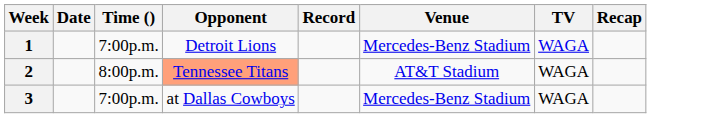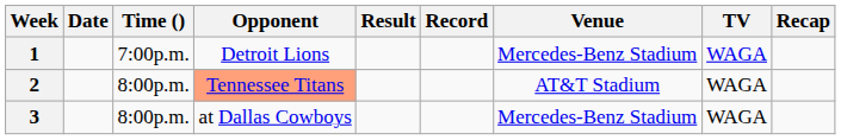 <table class="wikitable" style="text-align:center">
 <tr>
 <th>Week</th>
 <th>Date</th>
 <th>Time (<a href='#'></a>)</th>
 <th>Opponent</th>
+<th>Result</th>
 <th>Record</th>
 <th>Venue</th>
 <th>TV</th>
 <th>Recap</th>
 </tr>
 <tr>
 <th>1</th>
 <td></td>
 <td>7:00p.m.</td>
 <td><a href='#'>Detroit Lions</a></td>
 <td></td>
+<td></td>
 <td><a href='#'>Mercedes-Benz Stadium</a></td>
 <td><a href='#'>WAGA</a></td>
 <td></td>
 </tr>
 <tr>
 <th>2</th>
 <td></td>
 <td>8:00p.m.</td>
 <td style="background: lightsalmon;"><a href='#'>Tennessee Titans</a></td>
 <td></td>
+<td></td>
 <td><a href='#'>AT&T Stadium</a></td>
 <td>WAGA</td>
 <td></td>
 </tr>
 <tr>
 <th>3</th>
 <td></td>
-<td>7:00p.m.</td>
+<td>8:00p.m.</td>
 <td>at <a href='#'>Dallas Cowboys</a></td>
+<td></td>
 <td></td>
 <td><a href='#'>Mercedes-Benz Stadium</a></td>
 <td>WAGA</td>
 <td></td>
 </tr>
 </table>
